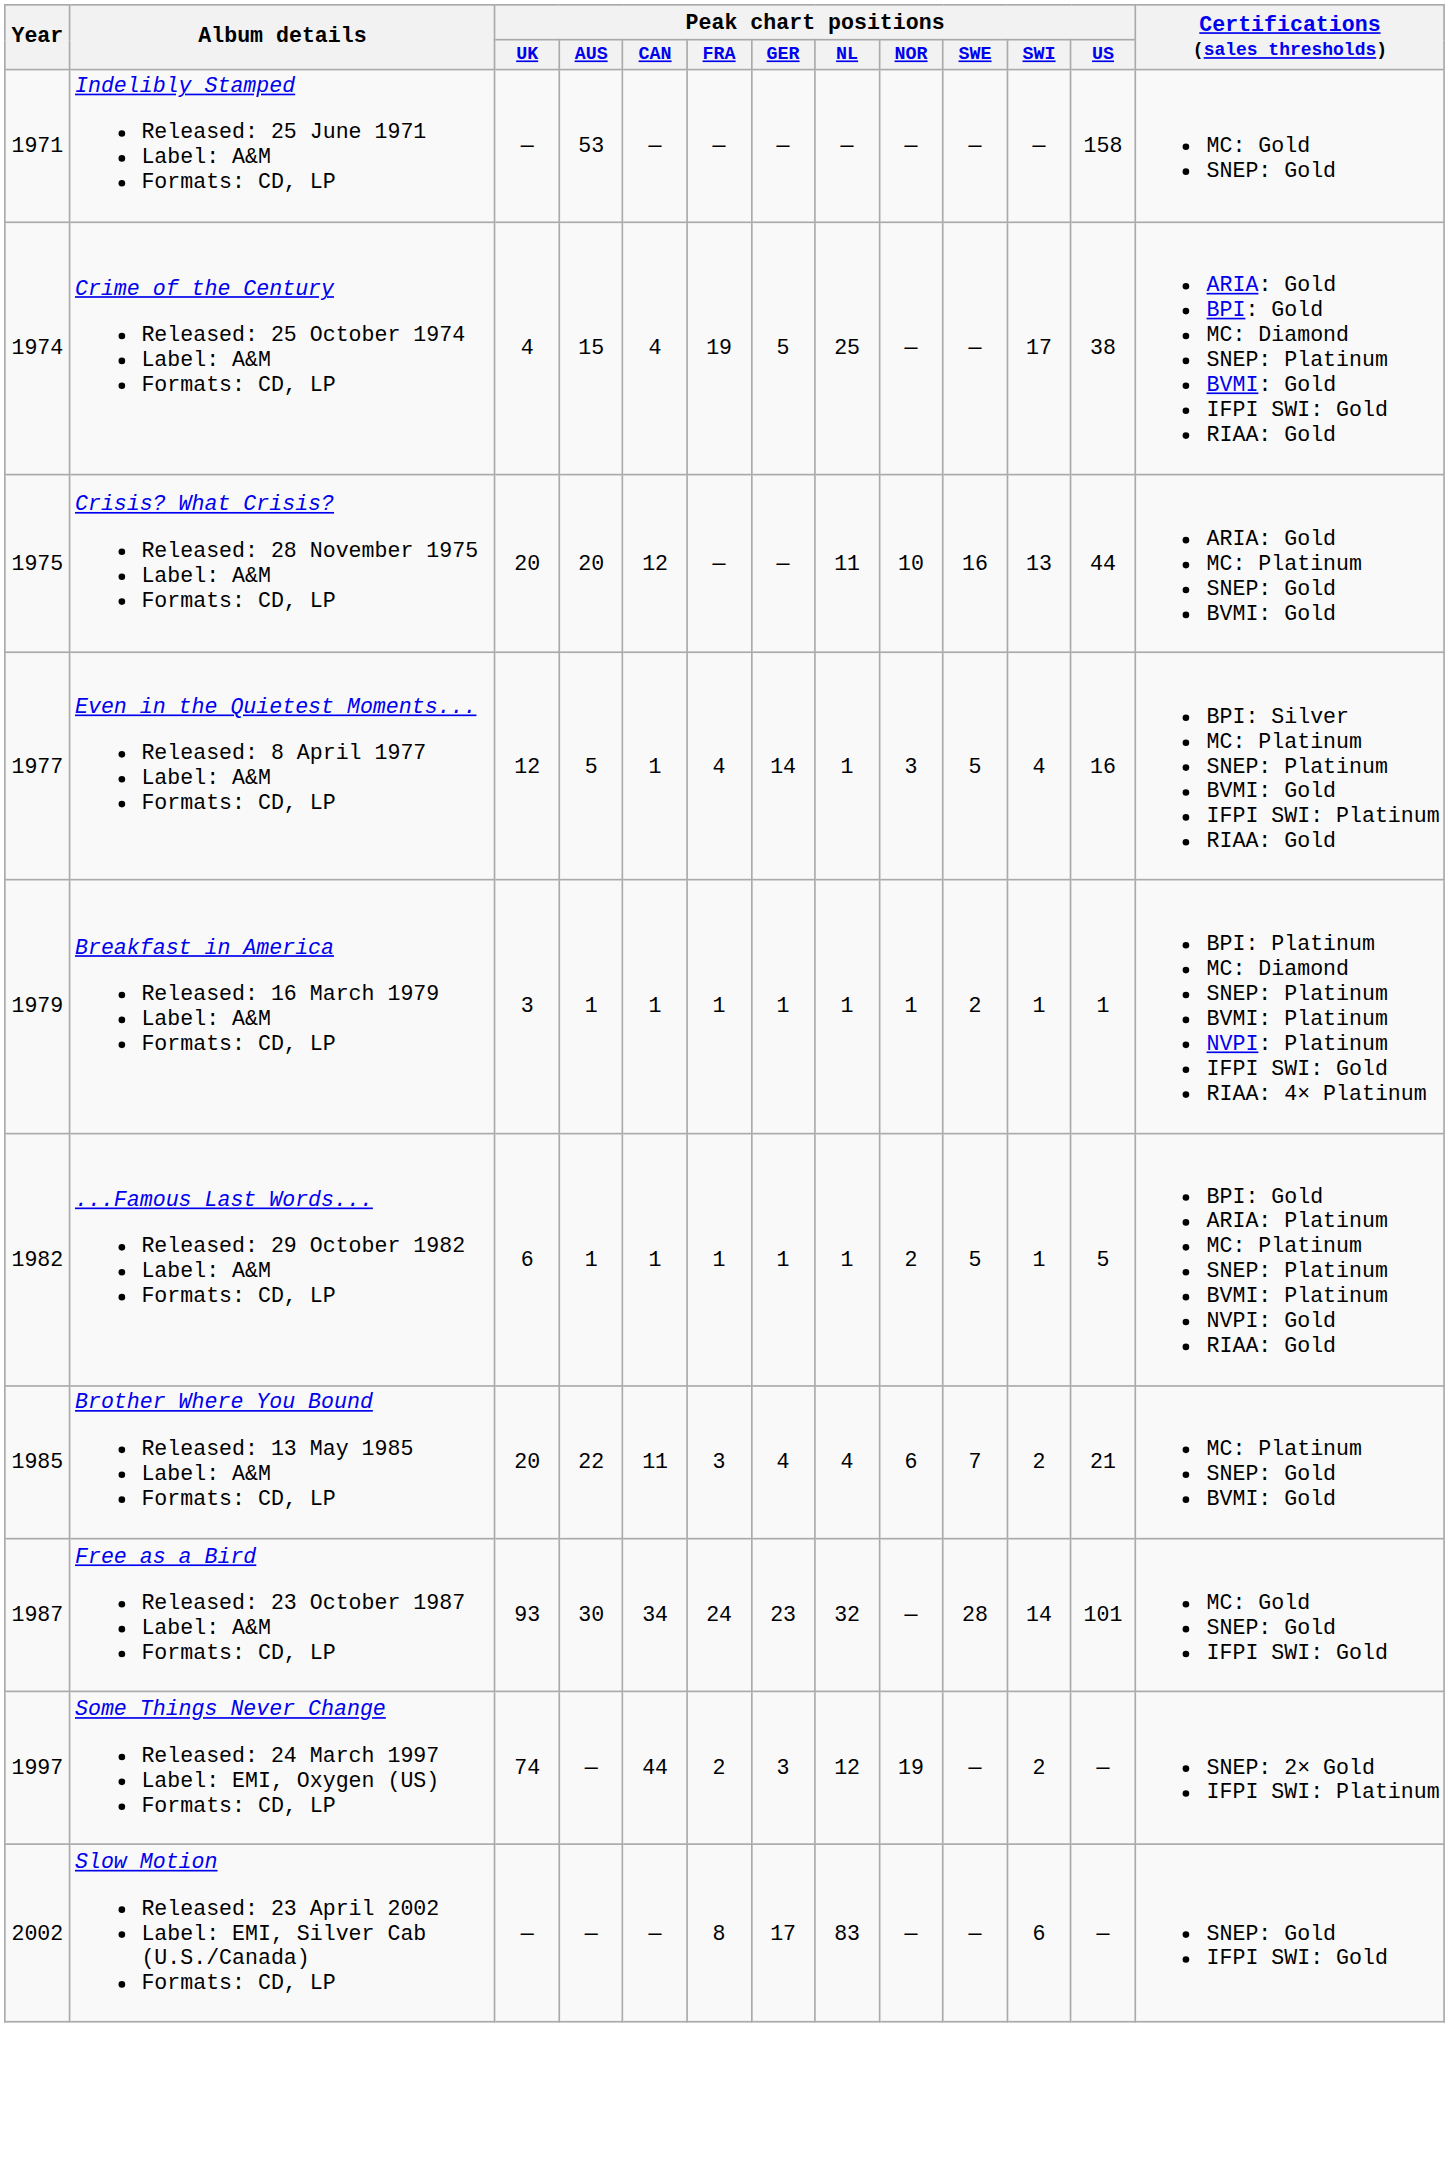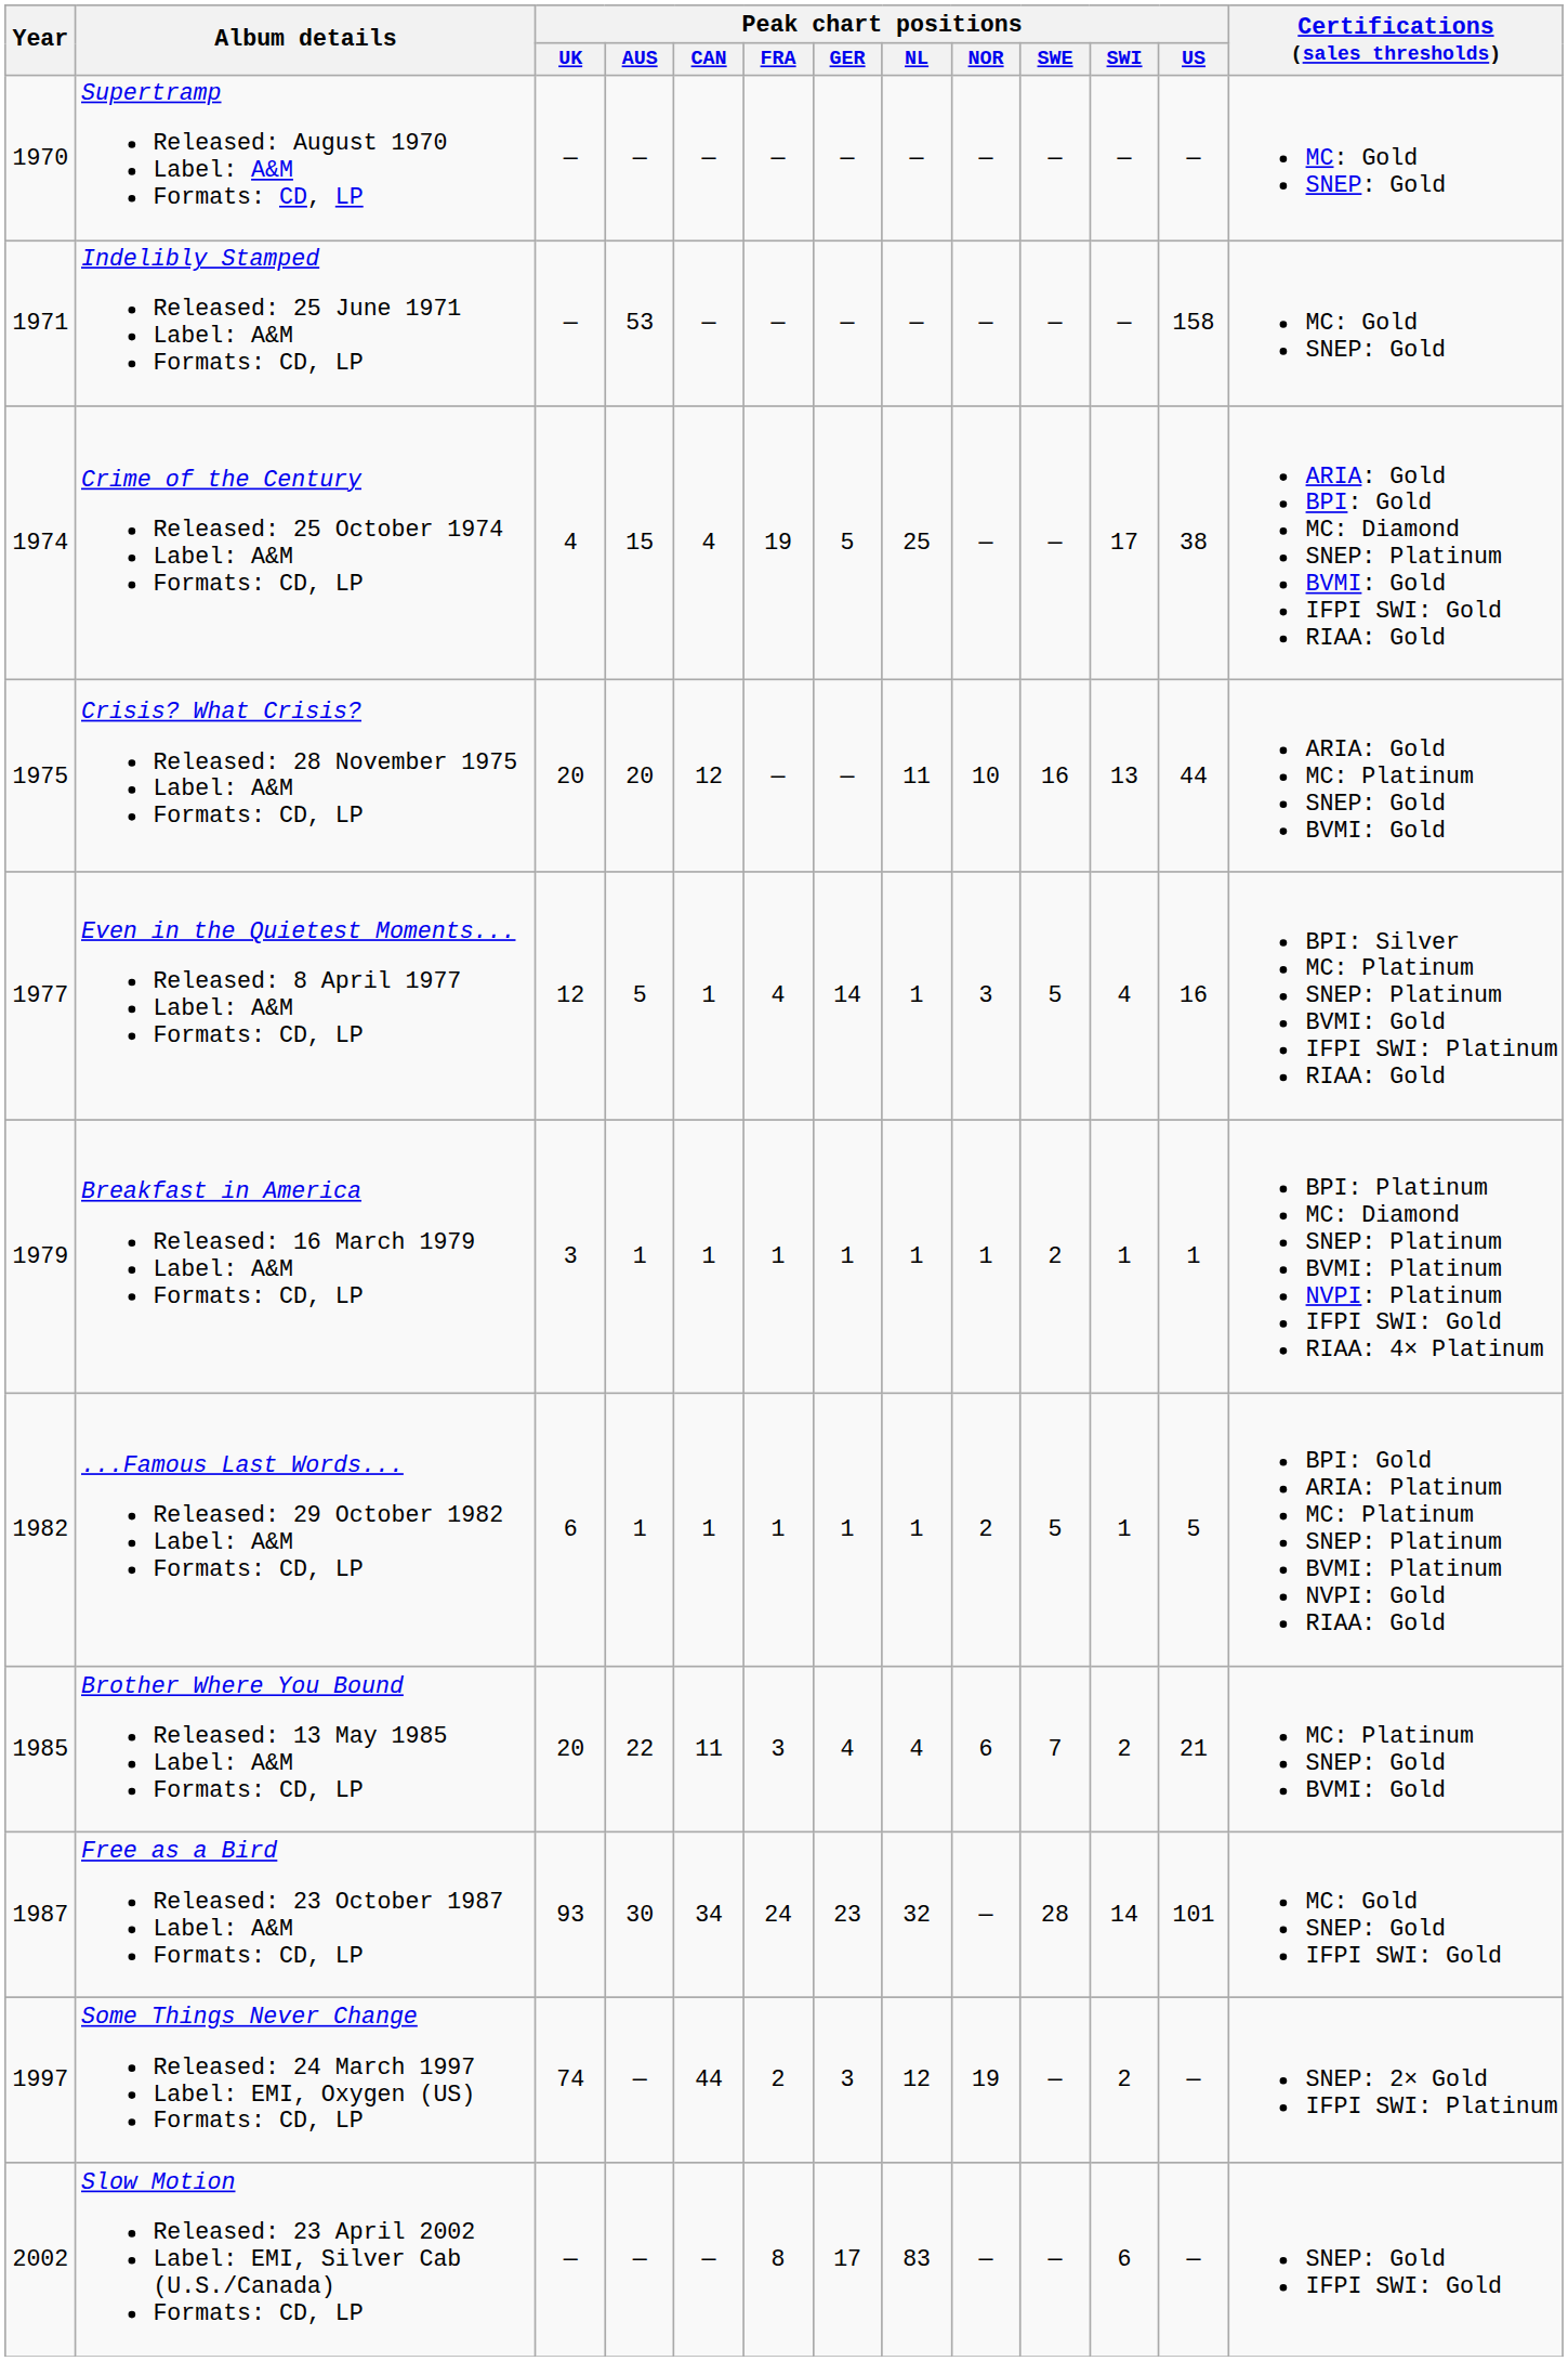 <table class="wikitable" style="text-align: center">
 <tr>
 <th rowspan="2" width="33">Year</th>
 <th rowspan="2" width="250">Album details</th>
 <th colspan="10">Peak chart positions</th>
 <th rowspan="2"><a href='#'>Certifications</a><br><small>(<a href='#'>sales thresholds</a>)</small></th>
 </tr>
 <tr>
 <th style="width:3em;font-size:85%"><a href='#'>UK</a><br></th>
 <th style="width:3em;font-size:85%"><a href='#'>AUS</a><br></th>
 <th style="width:3em;font-size:85%"><a href='#'>CAN</a><br></th>
 <th style="width:3em;font-size:85%"><a href='#'>FRA</a><br></th>
 <th style="width:3em;font-size:85%"><a href='#'>GER</a><br></th>
 <th style="width:3em;font-size:85%"><a href='#'>NL</a><br></th>
 <th style="width:3em;font-size:85%"><a href='#'>NOR</a><br></th>
 <th style="width:3em;font-size:85%"><a href='#'>SWE</a><br></th>
 <th style="width:3em;font-size:85%"><a href='#'>SWI</a><br></th>
 <th style="width:3em;font-size:85%"><a href='#'>US</a><br></th>
+</tr>
+<tr>
+<td>1970</td>
+<td align="left"><em><a href='#'>Supertramp</a></em><br><ul><li>Released: August 1970</li><li>Label: <a href='#'>A&M</a></li><li>Formats: <a href='#'>CD</a>, <a href='#'>LP</a></li></ul></td>
+<td>—</td>
+<td>—</td>
+<td>—</td>
+<td>—</td>
+<td>—</td>
+<td>—</td>
+<td>—</td>
+<td>—</td>
+<td>—</td>
+<td>—</td>
+<td align="left"><br><ul><li><a href='#'>MC</a>: Gold</li><li><a href='#'>SNEP</a>: Gold</li></ul></td>
 </tr>
 <tr>
 <td>1971</td>
 <td align="left"><em><a href='#'>Indelibly Stamped</a></em><br><ul><li>Released: 25 June 1971</li><li>Label: A&M</li><li>Formats: CD, LP</li></ul></td>
 <td>—</td>
 <td>53</td>
 <td>—</td>
 <td>—</td>
 <td>—</td>
 <td>—</td>
 <td>—</td>
 <td>—</td>
 <td>—</td>
 <td>158</td>
 <td align="left"><br><ul><li>MC: Gold</li><li>SNEP: Gold</li></ul></td>
 </tr>
 <tr>
 <td>1974</td>
 <td align="left"><em><a href='#'>Crime of the Century</a></em><br><ul><li>Released: 25 October 1974</li><li>Label: A&M</li><li>Formats: CD, LP</li></ul></td>
 <td>4</td>
 <td>15</td>
 <td>4</td>
 <td>19</td>
 <td>5</td>
 <td>25</td>
 <td>—</td>
 <td>—</td>
 <td>17</td>
 <td>38</td>
 <td align="left"><br><ul><li><a href='#'>ARIA</a>: Gold</li><li><a href='#'>BPI</a>: Gold</li><li>MC: Diamond</li><li>SNEP: Platinum</li><li><a href='#'>BVMI</a>: Gold</li><li>IFPI SWI: Gold</li><li>RIAA: Gold</li></ul></td>
 </tr>
 <tr>
 <td>1975</td>
 <td align="left"><em><a href='#'>Crisis? What Crisis?</a></em><br><ul><li>Released: 28 November 1975</li><li>Label: A&M</li><li>Formats: CD, LP</li></ul></td>
 <td>20</td>
 <td>20</td>
 <td>12</td>
 <td>—</td>
 <td>—</td>
 <td>11</td>
 <td>10</td>
 <td>16</td>
 <td>13</td>
 <td>44</td>
 <td align="left"><br><ul><li>ARIA: Gold</li><li>MC: Platinum</li><li>SNEP: Gold</li><li>BVMI: Gold</li></ul></td>
 </tr>
 <tr>
 <td>1977</td>
 <td align="left"><em><a href='#'>Even in the Quietest Moments...</a></em><br><ul><li>Released: 8 April 1977</li><li>Label: A&M</li><li>Formats: CD, LP</li></ul></td>
 <td>12</td>
 <td>5</td>
 <td>1</td>
 <td>4</td>
 <td>14</td>
 <td>1</td>
 <td>3</td>
 <td>5</td>
 <td>4</td>
 <td>16</td>
 <td align="left"><br><ul><li>BPI: Silver</li><li>MC: Platinum</li><li>SNEP: Platinum</li><li>BVMI: Gold</li><li>IFPI SWI: Platinum</li><li>RIAA: Gold</li></ul></td>
 </tr>
 <tr>
 <td>1979</td>
 <td align="left"><em><a href='#'>Breakfast in America</a></em><br><ul><li>Released: 16 March 1979</li><li>Label: A&M</li><li>Formats: CD, LP</li></ul></td>
 <td>3</td>
 <td>1</td>
 <td>1</td>
 <td>1</td>
 <td>1</td>
 <td>1</td>
 <td>1</td>
 <td>2</td>
 <td>1</td>
 <td>1</td>
 <td align="left"><br><ul><li>BPI: Platinum</li><li>MC: Diamond</li><li>SNEP: Platinum</li><li>BVMI: Platinum</li><li><a href='#'>NVPI</a>: Platinum</li><li>IFPI SWI: Gold</li><li>RIAA: 4× Platinum</li></ul></td>
 </tr>
 <tr>
 <td>1982</td>
 <td align="left"><em><a href='#'>...Famous Last Words...</a></em><br><ul><li>Released: 29 October 1982</li><li>Label: A&M</li><li>Formats: CD, LP</li></ul></td>
 <td>6</td>
 <td>1</td>
 <td>1</td>
 <td>1</td>
 <td>1</td>
 <td>1</td>
 <td>2</td>
 <td>5</td>
 <td>1</td>
 <td>5</td>
 <td align="left"><br><ul><li>BPI: Gold</li><li>ARIA: Platinum</li><li>MC: Platinum</li><li>SNEP: Platinum</li><li>BVMI: Platinum</li><li>NVPI: Gold</li><li>RIAA: Gold</li></ul></td>
 </tr>
 <tr>
 <td>1985</td>
 <td align="left"><em><a href='#'>Brother Where You Bound</a></em><br><ul><li>Released: 13 May 1985</li><li>Label: A&M</li><li>Formats: CD, LP</li></ul></td>
 <td>20</td>
 <td>22</td>
 <td>11</td>
 <td>3</td>
 <td>4</td>
 <td>4</td>
 <td>6</td>
 <td>7</td>
 <td>2</td>
 <td>21</td>
 <td align="left"><br><ul><li>MC: Platinum</li><li>SNEP: Gold</li><li>BVMI: Gold</li></ul></td>
 </tr>
 <tr>
 <td>1987</td>
 <td align="left"><em><a href='#'>Free as a Bird</a></em><br><ul><li>Released: 23 October 1987</li><li>Label: A&M</li><li>Formats: CD, LP</li></ul></td>
 <td>93</td>
 <td>30</td>
 <td>34</td>
 <td>24</td>
 <td>23</td>
 <td>32</td>
 <td>—</td>
 <td>28</td>
 <td>14</td>
 <td>101</td>
 <td align="left"><br><ul><li>MC: Gold</li><li>SNEP: Gold</li><li>IFPI SWI: Gold</li></ul></td>
 </tr>
 <tr>
 <td>1997</td>
 <td align="left"><em><a href='#'>Some Things Never Change</a></em><br><ul><li>Released: 24 March 1997</li><li>Label: EMI, Oxygen (US)</li><li>Formats: CD, LP</li></ul></td>
 <td>74</td>
 <td>—</td>
 <td>44</td>
 <td>2</td>
 <td>3</td>
 <td>12</td>
 <td>19</td>
 <td>—</td>
 <td>2</td>
 <td>—</td>
 <td align="left"><br><ul><li>SNEP: 2× Gold</li><li>IFPI SWI: Platinum</li></ul></td>
 </tr>
 <tr>
 <td>2002</td>
 <td align="left"><em><a href='#'>Slow Motion</a></em><br><ul><li>Released: 23 April 2002</li><li>Label: EMI, Silver Cab (U.S./Canada)</li><li>Formats: CD, LP</li></ul></td>
 <td>—</td>
 <td>—</td>
 <td>—</td>
 <td>8</td>
 <td>17</td>
 <td>83</td>
 <td>—</td>
 <td>—</td>
 <td>6</td>
 <td>—</td>
 <td align="left"><br><ul><li>SNEP: Gold</li><li>IFPI SWI: Gold</li></ul></td>
 </tr>
 </table>
